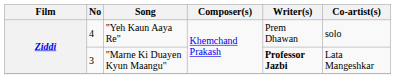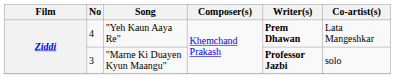 <table class="wikitable plainrowheaders" width="100%" textcolor:#000;">
 <tr style="background:#b0e0e66;">
 <th scope="col" width=23%><strong>Film</strong></th>
 <th><strong>No</strong></th>
 <th scope="col" width=23%><strong>Song</strong></th>
 <th scope="col" width=20%><strong>Composer(s)</strong></th>
 <th scope="col" width=16%><strong>Writer(s)</strong></th>
 <th scope="col" width=18%><strong>Co-artist(s)</strong></th>
 </tr>
 <tr>
 <th rowspan=2><em><a href='#'>Ziddi</a></em></th>
 <td>4</td>
 <td>"Yeh Kaun Aaya Re"</td>
 <td rowspan=2><a href='#'>Khemchand Prakash</a></td>
-<td>Prem Dhawan</td>
-<td>solo</td>
+<td><strong>Prem Dhawan</strong></td>
+<td>Lata Mangeshkar</td>
 </tr>
 <tr>
 <td>3</td>
 <td>"Marne Ki Duayen Kyun Maangu"</td>
 <td><strong>Professor Jazbi</strong></td>
-<td>Lata Mangeshkar</td>
+<td>solo</td>
 </tr>
 <tr>
 </tr>
 </table>
